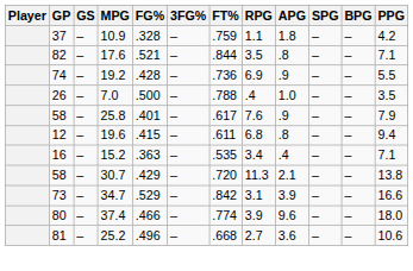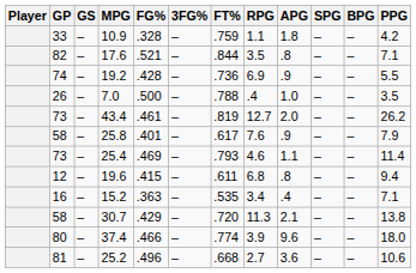 <table class="wikitable sortable" style="font-size: 90%">
 <tr>
 <th scope="col">Player</th>
 <th scope="col">GP</th>
 <th scope="col">GS</th>
 <th scope="col">MPG</th>
 <th scope="col">FG%</th>
 <th scope="col">3FG%</th>
 <th scope="col">FT%</th>
 <th scope="col">RPG</th>
 <th scope="col">APG</th>
 <th scope="col">SPG</th>
 <th scope="col">BPG</th>
 <th scope="col">PPG</th>
 </tr>
 <tr>
 <th scope="row" style="text-align:left;"></th>
-<td>37</td>
+<td>33</td>
 <td>–</td>
 <td>10.9</td>
 <td>.328</td>
 <td>–</td>
 <td>.759</td>
 <td>1.1</td>
 <td>1.8</td>
 <td>–</td>
 <td>–</td>
 <td>4.2</td>
 </tr>
 <tr>
 <th scope="row" style="text-align:left;"></th>
 <td>82</td>
 <td>–</td>
 <td>17.6</td>
 <td>.521</td>
 <td>–</td>
 <td>.844</td>
 <td>3.5</td>
 <td>.8</td>
 <td>–</td>
 <td>–</td>
 <td>7.1</td>
 </tr>
 <tr>
 <th scope="row" style="text-align:left;"></th>
 <td>74</td>
 <td>–</td>
 <td>19.2</td>
 <td>.428</td>
 <td>–</td>
 <td>.736</td>
 <td>6.9</td>
 <td>.9</td>
 <td>–</td>
 <td>–</td>
 <td>5.5</td>
 </tr>
 <tr>
 <th scope="row" style="text-align:left;"></th>
 <td>26</td>
 <td>–</td>
 <td>7.0</td>
 <td>.500</td>
 <td>–</td>
 <td>.788</td>
 <td>.4</td>
 <td>1.0</td>
 <td>–</td>
 <td>–</td>
 <td>3.5</td>
 </tr>
 <tr>
 <th scope="row" style="text-align:left;"></th>
+<td>73</td>
+<td>–</td>
+<td>43.4</td>
+<td>.461</td>
+<td>–</td>
+<td>.819</td>
+<td>12.7</td>
+<td>2.0</td>
+<td>–</td>
+<td>–</td>
+<td>26.2</td>
+</tr>
+<tr>
+<th scope="row" style="text-align:left;"></th>
 <td>58</td>
 <td>–</td>
 <td>25.8</td>
 <td>.401</td>
 <td>–</td>
 <td>.617</td>
 <td>7.6</td>
 <td>.9</td>
 <td>–</td>
 <td>–</td>
 <td>7.9</td>
+</tr>
+<tr>
+<th scope="row" style="text-align:left;"></th>
+<td>73</td>
+<td>–</td>
+<td>25.4</td>
+<td>.469</td>
+<td>–</td>
+<td>.793</td>
+<td>4.6</td>
+<td>1.1</td>
+<td>–</td>
+<td>–</td>
+<td>11.4</td>
 </tr>
 <tr>
 <th scope="row" style="text-align:left;"></th>
 <td>12</td>
 <td>–</td>
 <td>19.6</td>
 <td>.415</td>
 <td>–</td>
 <td>.611</td>
 <td>6.8</td>
 <td>.8</td>
 <td>–</td>
 <td>–</td>
 <td>9.4</td>
 </tr>
 <tr>
 <th scope="row" style="text-align:left;"></th>
 <td>16</td>
 <td>–</td>
 <td>15.2</td>
 <td>.363</td>
 <td>–</td>
 <td>.535</td>
 <td>3.4</td>
 <td>.4</td>
 <td>–</td>
 <td>–</td>
 <td>7.1</td>
 </tr>
 <tr>
 <th scope="row" style="text-align:left;"></th>
 <td>58</td>
 <td>–</td>
 <td>30.7</td>
 <td>.429</td>
 <td>–</td>
 <td>.720</td>
 <td>11.3</td>
 <td>2.1</td>
 <td>–</td>
 <td>–</td>
 <td>13.8</td>
 </tr>
 <tr>
 <th scope="row" style="text-align:left;"></th>
-<td>73</td>
-<td>–</td>
-<td>34.7</td>
-<td>.529</td>
-<td>–</td>
-<td>.842</td>
-<td>3.1</td>
-<td>3.9</td>
-<td>–</td>
-<td>–</td>
-<td>16.6</td>
-</tr>
-<tr>
-<th scope="row" style="text-align:left;"></th>
 <td>80</td>
 <td>–</td>
 <td>37.4</td>
 <td>.466</td>
 <td>–</td>
 <td>.774</td>
 <td>3.9</td>
 <td>9.6</td>
 <td>–</td>
 <td>–</td>
 <td>18.0</td>
 </tr>
 <tr>
 <th scope="row" style="text-align:left;"></th>
 <td>81</td>
 <td>–</td>
 <td>25.2</td>
 <td>.496</td>
 <td>–</td>
 <td>.668</td>
 <td>2.7</td>
 <td>3.6</td>
 <td>–</td>
 <td>–</td>
 <td>10.6</td>
 </tr>
 </table>
